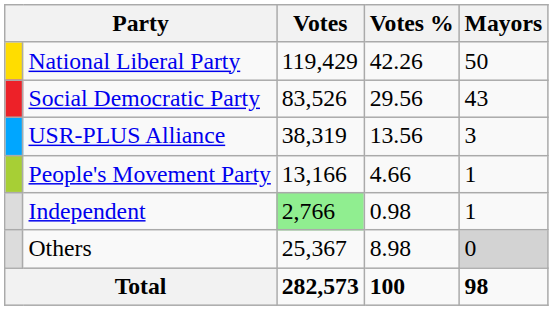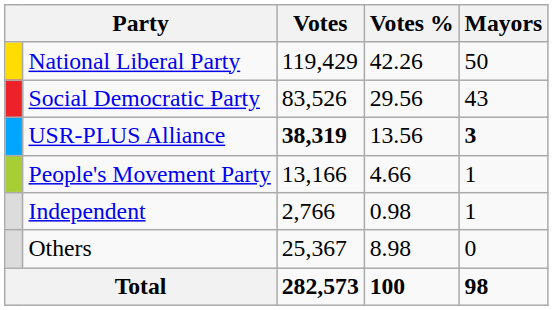 <table class="wikitable">
 <tr>
 <th colspan="2">Party</th>
 <th>Votes</th>
 <th>Votes %</th>
 <th>Mayors</th>
 </tr>
 <tr>
 <td style="background:#ffdd00;" width="5"></td>
 <td><a href='#'>National Liberal Party</a></td>
 <td>119,429</td>
 <td>42.26</td>
 <td>50</td>
 </tr>
 <tr>
 <td style="background:#ed2128;" width="5"></td>
 <td><a href='#'>Social Democratic Party</a></td>
 <td>83,526</td>
 <td>29.56</td>
 <td>43</td>
 </tr>
 <tr>
 <td style="background:#00a6ff;" width="5"></td>
 <td><a href='#'>USR-PLUS Alliance</a></td>
-<td>38,319</td>
+<td><strong>38,319</strong></td>
 <td>13.56</td>
-<td>3</td>
+<td><strong>3</strong></td>
 </tr>
 <tr>
 <td style="background:#a7cf35;" width="5"></td>
 <td><a href='#'>People's Movement Party</a></td>
 <td>13,166</td>
 <td>4.66</td>
 <td>1</td>
 </tr>
 <tr>
 <td style="background:#dcdcdc;" width="5"></td>
 <td><a href='#'>Independent</a></td>
-<td style="background: lightgreen;">2,766</td>
+<td>2,766</td>
 <td>0.98</td>
 <td>1</td>
 </tr>
 <tr>
 <td style="background:#dcdcdc;" width="5"></td>
 <td>Others</td>
 <td>25,367</td>
 <td>8.98</td>
-<td style="background: lightgrey;">0</td>
+<td>0</td>
 </tr>
 <tr>
 <th colspan="2">Total</th>
 <td><strong>282,573</strong></td>
 <td><strong>100</strong></td>
 <td><strong>98</strong></td>
 </tr>
 </table>
